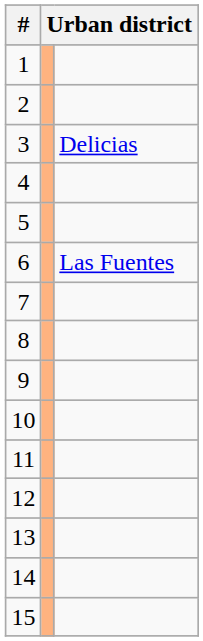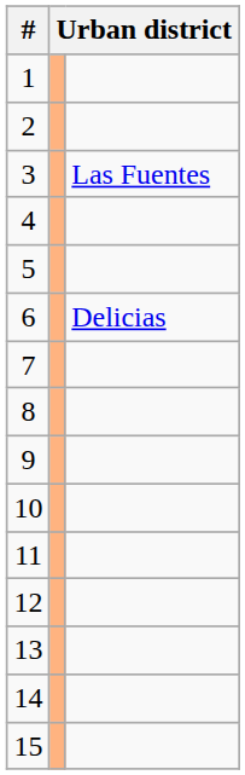 <table class="wikitable sortable" style="float:right; font-size:90%">
 <tr>
 <th>#</th>
 <th colspan = 2>Urban district</th>
 </tr>
 <tr>
 <td align = "center">1</td>
 <td bgcolor = "ffb380"></td>
 <td></td>
 </tr>
 <tr>
 <td align = "center">2</td>
 <td bgcolor = "ffb380"></td>
 <td></td>
 </tr>
 <tr>
 <td align = "center">3</td>
 <td bgcolor = "ffb380"></td>
-<td><a href='#'>Delicias</a></td>
+<td><a href='#'>Las Fuentes</a></td>
 </tr>
 <tr>
 <td align = "center">4</td>
 <td bgcolor = "ffb380"></td>
 <td></td>
 </tr>
 <tr>
 <td align = "center">5</td>
 <td bgcolor = "ffb380"></td>
 <td></td>
 </tr>
 <tr>
 <td align = "center">6</td>
 <td bgcolor = "ffb380"></td>
-<td><a href='#'>Las Fuentes</a></td>
+<td><a href='#'>Delicias</a></td>
 </tr>
 <tr>
 <td align = "center">7</td>
 <td bgcolor = "ffb380"></td>
 <td></td>
 </tr>
 <tr>
 <td align = "center">8</td>
 <td bgcolor = "ffb380"></td>
 <td></td>
 </tr>
 <tr>
 <td align = "center">9</td>
 <td bgcolor = "ffb380"></td>
 <td></td>
 </tr>
 <tr>
 <td align = "center">10</td>
 <td bgcolor = "ffb380"></td>
 <td></td>
 </tr>
 <tr>
 <td align = "center">11</td>
 <td bgcolor = "ffb380"></td>
 <td></td>
 </tr>
 <tr>
 <td align = "center">12</td>
 <td bgcolor = "ffb380"></td>
 <td></td>
 </tr>
 <tr>
 <td align = "center">13</td>
 <td bgcolor = "ffb380"></td>
 <td></td>
 </tr>
 <tr>
 <td align = "center">14</td>
 <td bgcolor = "ffb380"></td>
 <td></td>
 </tr>
 <tr>
 <td align = "center">15</td>
 <td bgcolor = "ffb380"></td>
 <td></td>
 </tr>
 </table>
